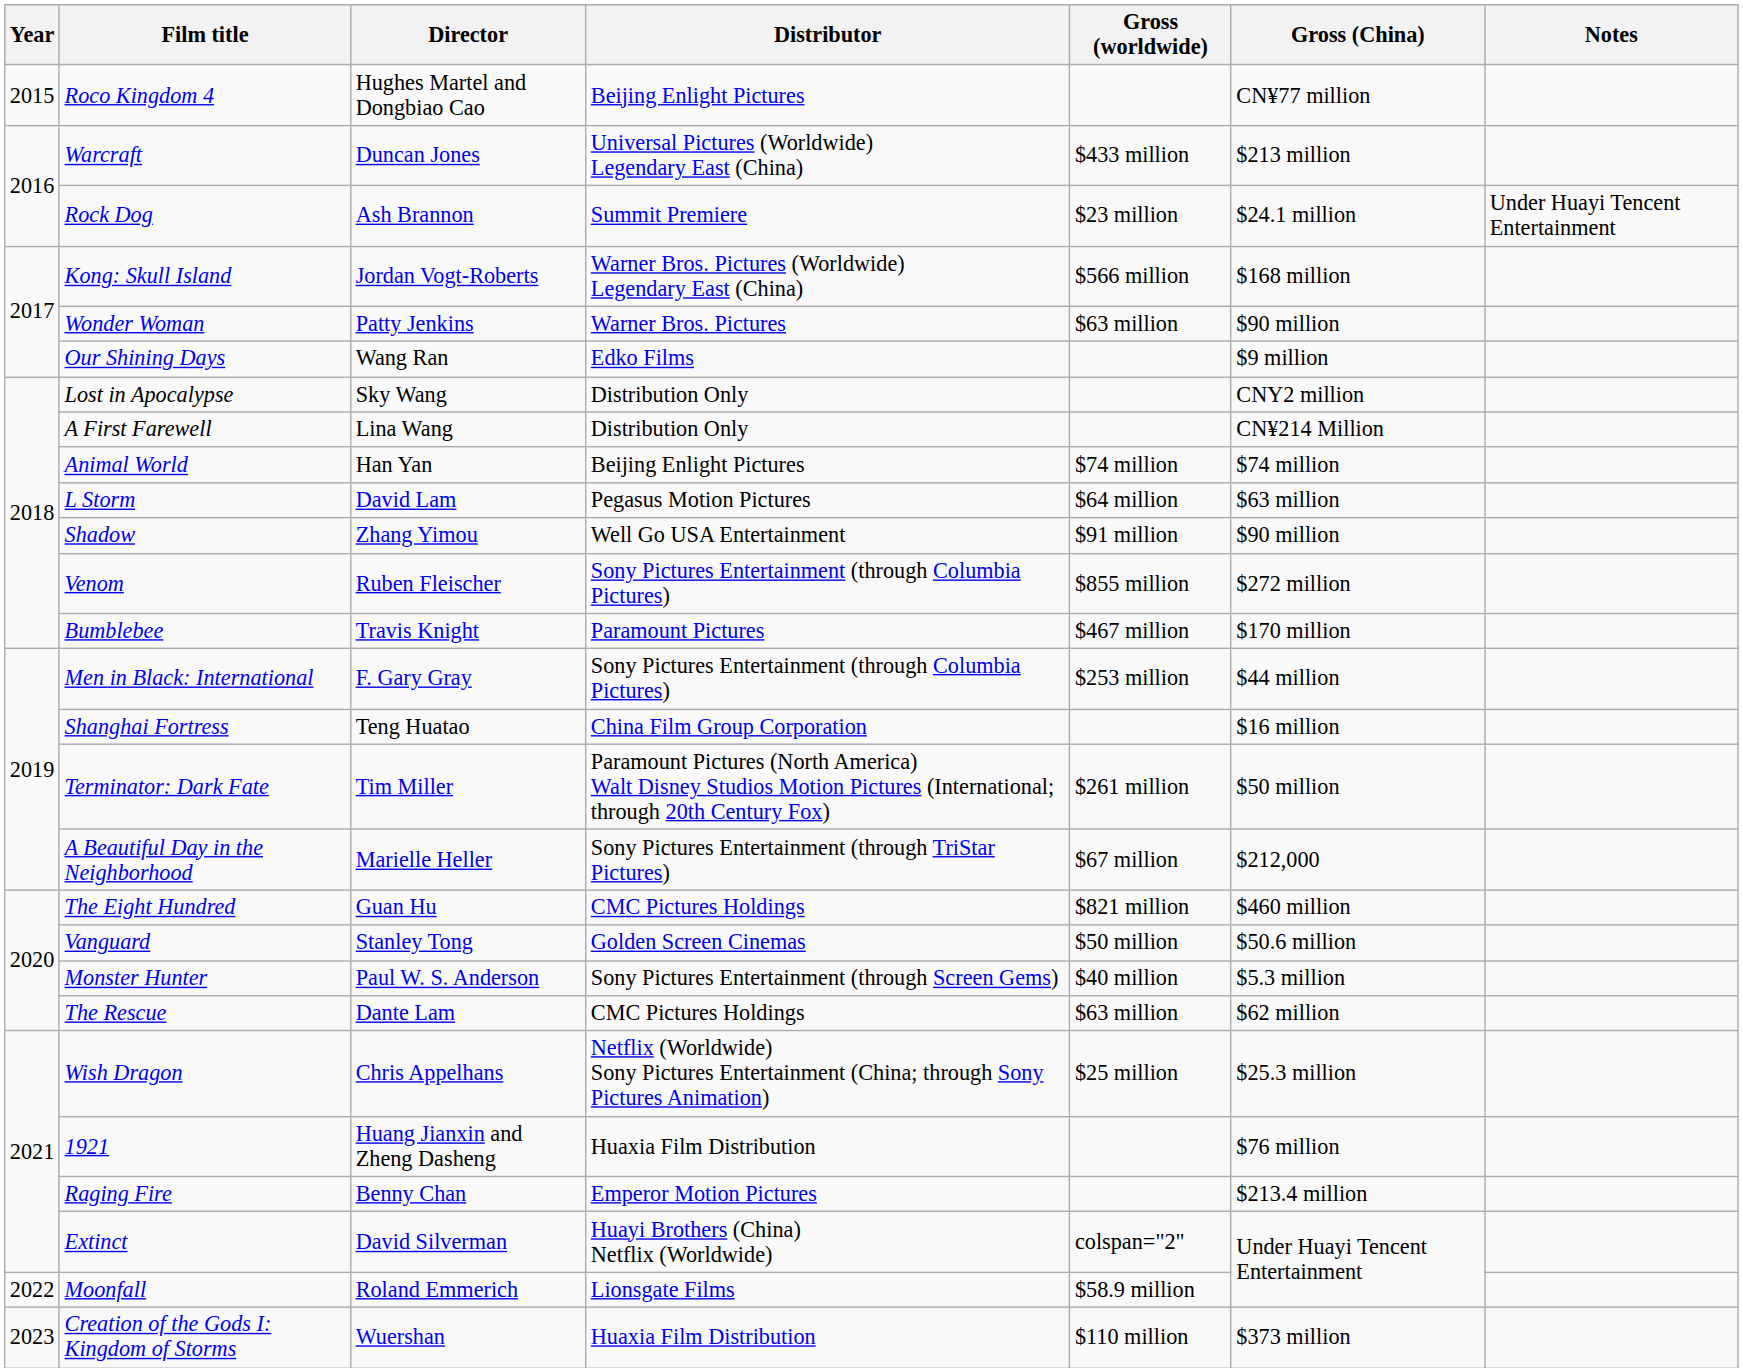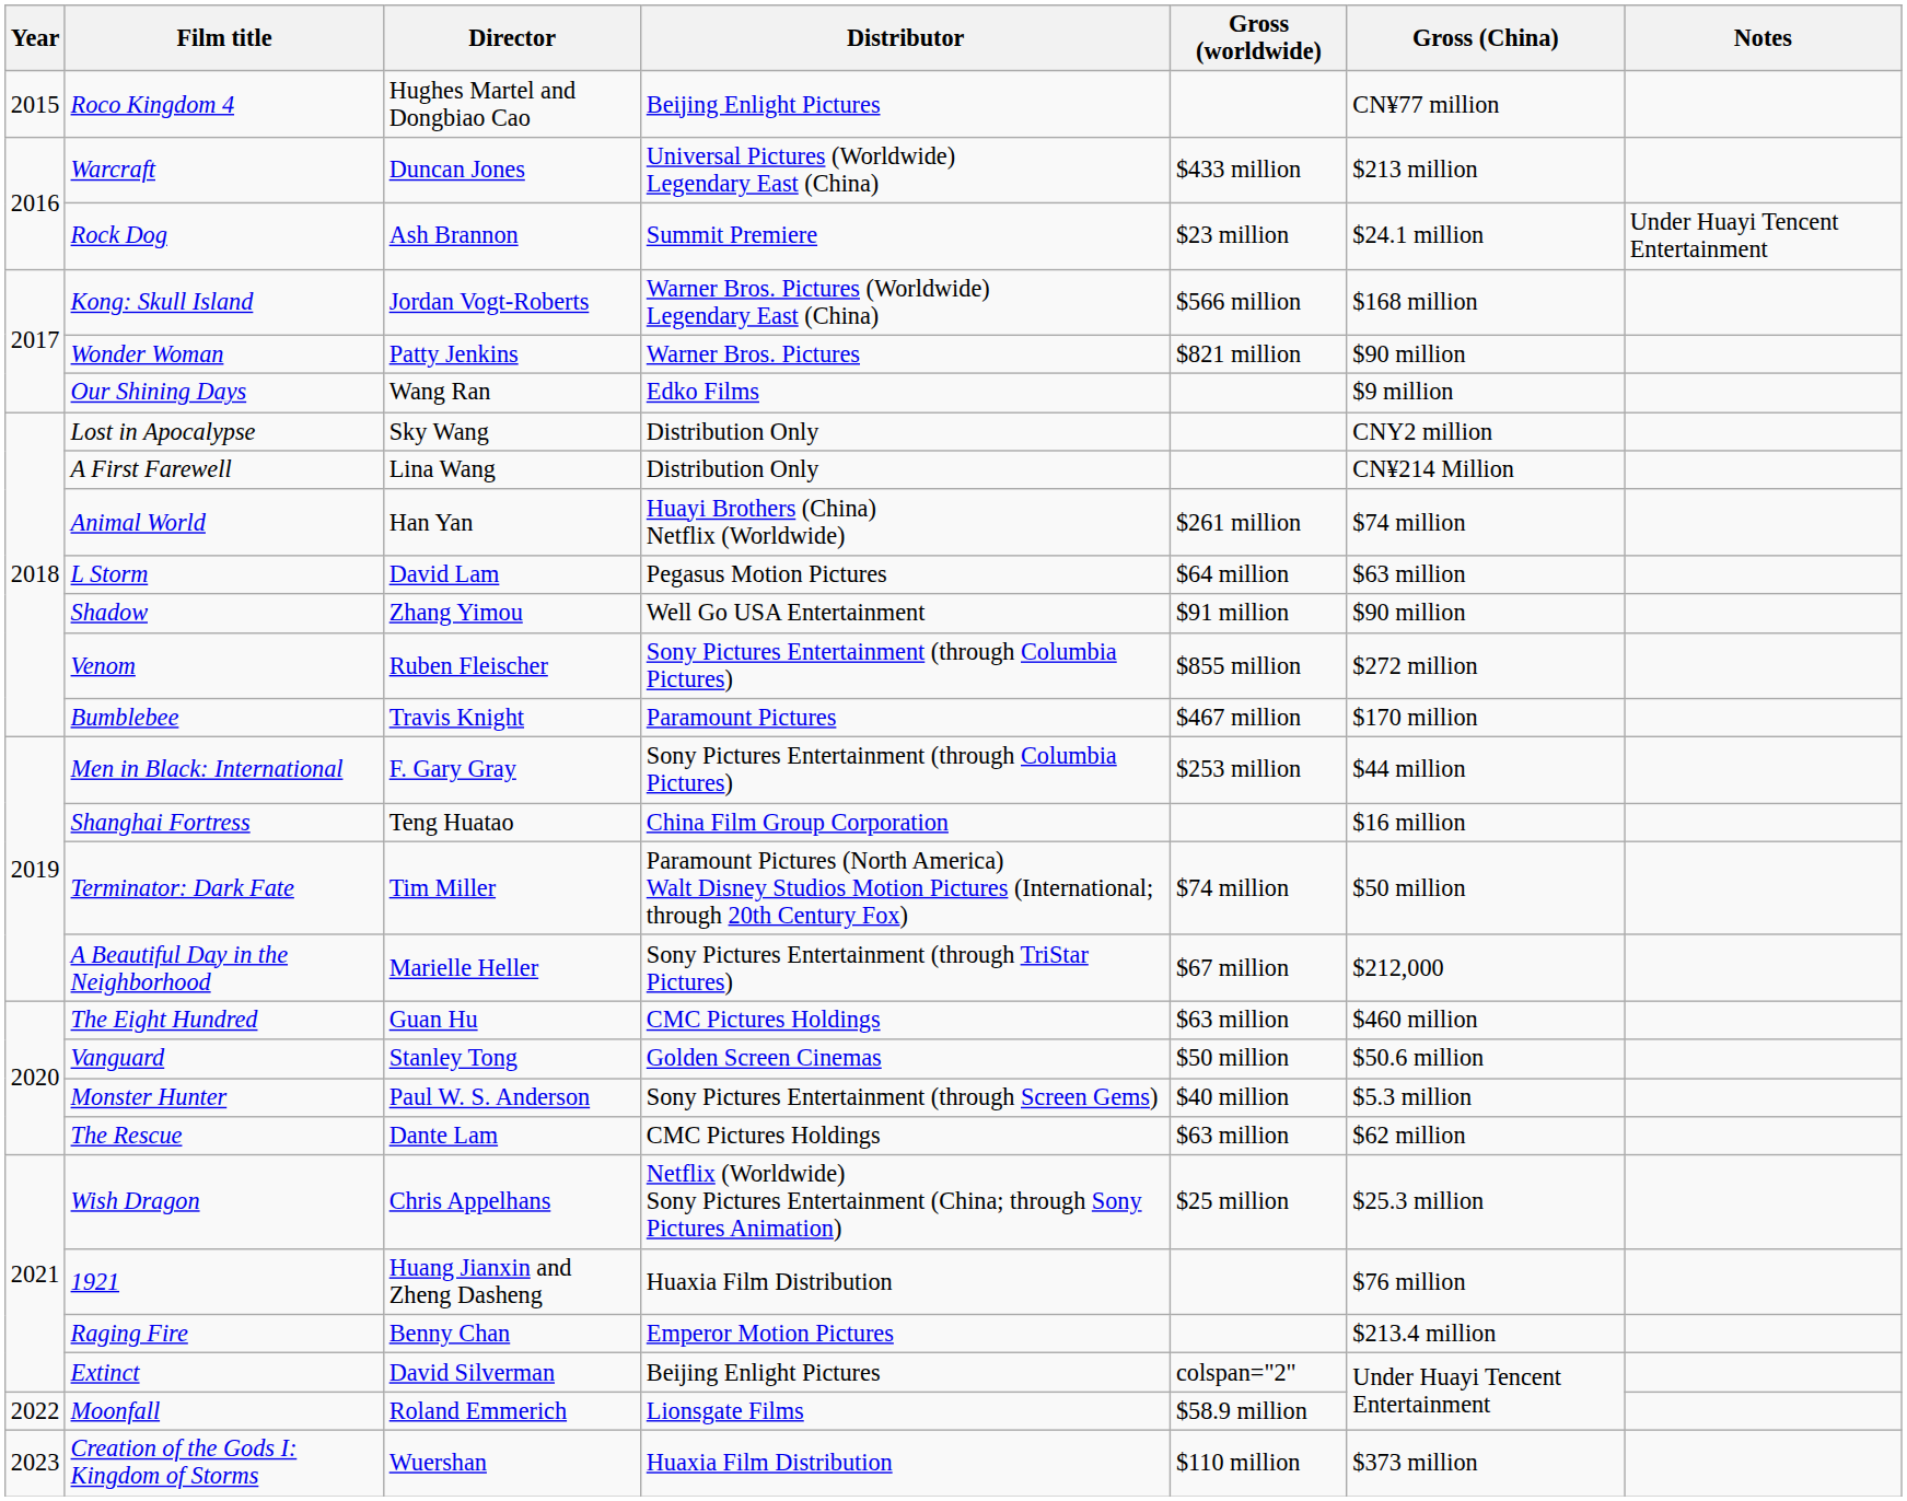 <table class="wikitable">
 <tr style="background:#ccc; text-align:center;">
 <th>Year</th>
 <th>Film title</th>
 <th>Director</th>
 <th>Distributor</th>
 <th>Gross (worldwide)</th>
 <th>Gross (China)</th>
 <th>Notes</th>
 </tr>
 <tr>
 <td>2015</td>
 <td><em><a href='#'>Roco Kingdom 4</a></em></td>
 <td>Hughes Martel and Dongbiao Cao</td>
 <td><a href='#'>Beijing Enlight Pictures</a></td>
 <td></td>
 <td>CN¥77 million</td>
 <td></td>
 </tr>
 <tr>
 <td rowspan="2">2016</td>
 <td><em><a href='#'>Warcraft</a></em></td>
 <td><a href='#'>Duncan Jones</a></td>
 <td><a href='#'>Universal Pictures</a> (Worldwide)<br><a href='#'>Legendary East</a> (China)</td>
 <td>$433 million</td>
 <td>$213 million</td>
 <td></td>
 </tr>
 <tr>
 <td><em><a href='#'>Rock Dog</a></em></td>
 <td><a href='#'>Ash Brannon</a></td>
 <td><a href='#'>Summit Premiere</a></td>
 <td>$23 million</td>
 <td>$24.1 million</td>
 <td>Under Huayi Tencent Entertainment</td>
 </tr>
 <tr>
 <td rowspan="3">2017</td>
 <td><em><a href='#'>Kong: Skull Island</a></em></td>
 <td><a href='#'>Jordan Vogt-Roberts</a></td>
 <td><a href='#'>Warner Bros. Pictures</a> (Worldwide)<br><a href='#'>Legendary East</a> (China)</td>
 <td>$566 million</td>
 <td>$168 million</td>
 <td></td>
 </tr>
 <tr>
 <td><em><a href='#'>Wonder Woman</a></em></td>
 <td><a href='#'>Patty Jenkins</a></td>
 <td><a href='#'>Warner Bros. Pictures</a></td>
-<td>$63 million</td>
+<td>$821 million</td>
 <td>$90 million</td>
 <td></td>
 </tr>
 <tr>
 <td><em><a href='#'>Our Shining Days</a></em></td>
 <td>Wang Ran</td>
 <td><a href='#'>Edko Films</a></td>
 <td></td>
 <td>$9 million</td>
 <td></td>
 </tr>
 <tr>
 <td rowspan="7">2018</td>
 <td><em>Lost in Apocalypse</em></td>
 <td>Sky Wang</td>
 <td>Distribution Only</td>
 <td></td>
 <td>CNY2 million</td>
 <td></td>
 </tr>
 <tr>
 <td><em>A First Farewell</em></td>
 <td>Lina Wang</td>
 <td>Distribution Only</td>
 <td></td>
 <td>CN¥214  Million</td>
 <td></td>
 </tr>
 <tr>
 <td><em><a href='#'>Animal World</a></em></td>
 <td>Han Yan</td>
-<td>Beijing Enlight Pictures</td>
-<td>$74 million</td>
+<td><a href='#'>Huayi Brothers</a> (China)<br>Netflix (Worldwide)</td>
+<td>$261 million</td>
 <td>$74 million</td>
 <td></td>
 </tr>
 <tr>
 <td><em><a href='#'>L Storm</a></em></td>
 <td><a href='#'>David Lam</a></td>
 <td>Pegasus Motion Pictures</td>
 <td>$64 million</td>
 <td>$63 million</td>
 <td></td>
 </tr>
 <tr>
 <td><em><a href='#'>Shadow</a></em></td>
 <td><a href='#'>Zhang Yimou</a></td>
 <td>Well Go USA Entertainment</td>
 <td>$91 million</td>
 <td>$90 million</td>
 <td></td>
 </tr>
 <tr>
 <td><em><a href='#'>Venom</a></em></td>
 <td><a href='#'>Ruben Fleischer</a></td>
 <td><a href='#'>Sony Pictures Entertainment</a> (through <a href='#'>Columbia Pictures</a>)</td>
 <td>$855 million</td>
 <td>$272 million</td>
 <td></td>
 </tr>
 <tr>
 <td><em><a href='#'>Bumblebee</a></em></td>
 <td><a href='#'>Travis Knight</a></td>
 <td><a href='#'>Paramount Pictures</a></td>
 <td>$467 million</td>
 <td>$170 million</td>
 <td></td>
 </tr>
 <tr>
 <td rowspan="4">2019</td>
 <td><em><a href='#'>Men in Black: International</a></em></td>
 <td><a href='#'>F. Gary Gray</a></td>
 <td>Sony Pictures Entertainment (through <a href='#'>Columbia Pictures</a>)</td>
 <td>$253 million</td>
 <td>$44 million</td>
 <td></td>
 </tr>
 <tr>
 <td><em><a href='#'>Shanghai Fortress</a></em></td>
 <td>Teng Huatao</td>
 <td><a href='#'>China Film Group Corporation</a></td>
 <td></td>
 <td>$16 million</td>
 <td></td>
 </tr>
 <tr>
 <td><em><a href='#'>Terminator: Dark Fate</a></em></td>
 <td><a href='#'>Tim Miller</a></td>
 <td>Paramount Pictures (North America)<br><a href='#'>Walt Disney Studios Motion Pictures</a> (International; through <a href='#'>20th Century Fox</a>)</td>
-<td>$261 million</td>
+<td>$74 million</td>
 <td>$50 million</td>
 <td></td>
 </tr>
 <tr>
 <td><em><a href='#'>A Beautiful Day in the Neighborhood</a></em></td>
 <td><a href='#'>Marielle Heller</a></td>
 <td>Sony Pictures Entertainment (through <a href='#'>TriStar Pictures</a>)</td>
 <td>$67 million</td>
 <td>$212,000</td>
 <td></td>
 </tr>
 <tr>
 <td rowspan="4">2020</td>
 <td><em><a href='#'>The Eight Hundred</a></em></td>
 <td><a href='#'>Guan Hu</a></td>
 <td><a href='#'>CMC Pictures Holdings</a></td>
-<td>$821 million</td>
+<td>$63 million</td>
 <td>$460 million</td>
 <td></td>
 </tr>
 <tr>
 <td><em><a href='#'>Vanguard</a></em></td>
 <td><a href='#'>Stanley Tong</a></td>
 <td><a href='#'>Golden Screen Cinemas</a></td>
 <td>$50 million</td>
 <td>$50.6 million</td>
 <td></td>
 </tr>
 <tr>
 <td><em><a href='#'>Monster Hunter</a></em></td>
 <td><a href='#'>Paul W. S. Anderson</a></td>
 <td>Sony Pictures Entertainment (through <a href='#'>Screen Gems</a>)</td>
 <td>$40 million</td>
 <td>$5.3 million</td>
 <td></td>
 </tr>
 <tr>
 <td><em><a href='#'>The Rescue</a></em></td>
 <td><a href='#'>Dante Lam</a></td>
 <td>CMC Pictures Holdings</td>
 <td>$63 million</td>
 <td>$62 million</td>
 <td></td>
 </tr>
 <tr>
 <td rowspan="4">2021</td>
 <td><em><a href='#'>Wish Dragon</a></em></td>
 <td><a href='#'>Chris Appelhans</a></td>
 <td><a href='#'>Netflix</a> (Worldwide)<br>Sony Pictures Entertainment (China; through <a href='#'>Sony Pictures Animation</a>)</td>
 <td>$25 million</td>
 <td>$25.3 million</td>
 <td></td>
 </tr>
 <tr>
 <td><em><a href='#'>1921</a></em></td>
 <td><a href='#'>Huang Jianxin</a> and Zheng Dasheng</td>
 <td>Huaxia Film Distribution</td>
 <td></td>
 <td>$76 million</td>
 <td></td>
 </tr>
 <tr>
 <td><em><a href='#'>Raging Fire</a></em></td>
 <td><a href='#'>Benny Chan</a></td>
 <td><a href='#'>Emperor Motion Pictures</a></td>
 <td></td>
 <td>$213.4 million</td>
 <td></td>
 </tr>
 <tr>
 <td><em><a href='#'>Extinct</a></em></td>
 <td><a href='#'>David Silverman</a></td>
-<td><a href='#'>Huayi Brothers</a> (China)<br>Netflix (Worldwide)</td>
+<td>Beijing Enlight Pictures</td>
 <td>colspan="2" </td>
 <td rowspan="2">Under Huayi Tencent Entertainment</td>
 </tr>
 <tr>
 <td>2022</td>
 <td><em><a href='#'>Moonfall</a></em></td>
 <td><a href='#'>Roland Emmerich</a></td>
 <td><a href='#'>Lionsgate Films</a></td>
 <td>$58.9 million</td>
 <td></td>
 </tr>
 <tr>
 <td>2023</td>
 <td><em><a href='#'>Creation of the Gods I: Kingdom of Storms</a></em></td>
 <td><a href='#'>Wuershan</a></td>
 <td><a href='#'>Huaxia Film Distribution</a></td>
 <td>$110 million</td>
 <td>$373 million</td>
 <td></td>
 </tr>
 </table>
